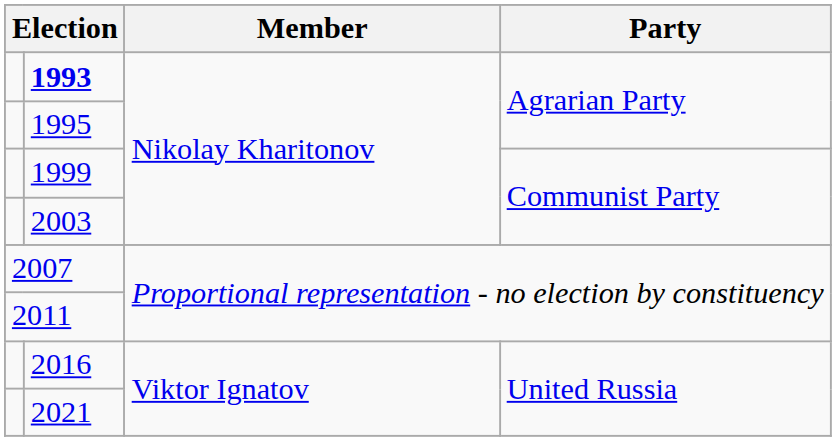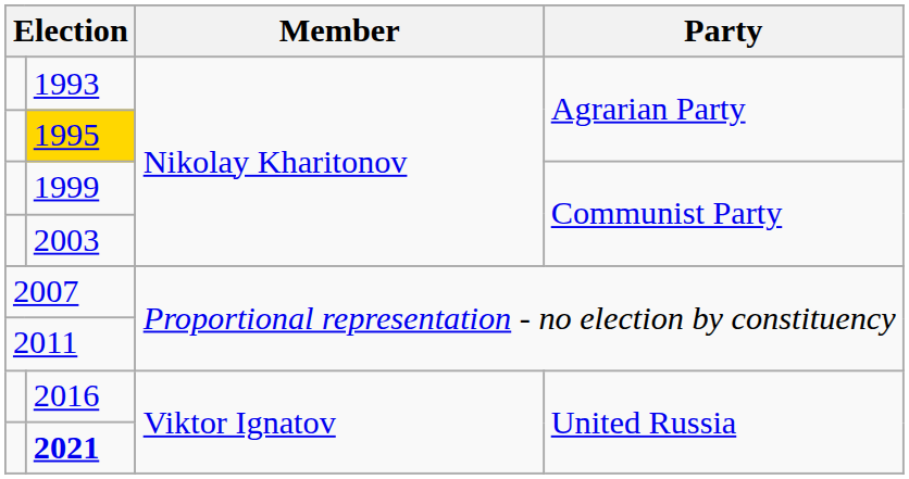 <table class="wikitable">
 <tr>
 <th colspan="2">Election</th>
 <th>Member</th>
 <th>Party</th>
 </tr>
 <tr>
 <td style="background-color:"></td>
-<td><strong><a href='#'>1993</a></strong></td>
+<td><a href='#'>1993</a></td>
 <td rowspan=4><a href='#'>Nikolay Kharitonov</a></td>
 <td rowspan=2><a href='#'>Agrarian Party</a></td>
 </tr>
 <tr>
 <td style="background-color:"></td>
-<td><a href='#'>1995</a></td>
+<td style="background: gold;"><a href='#'>1995</a></td>
 </tr>
 <tr>
 <td style="background-color:"></td>
 <td><a href='#'>1999</a></td>
 <td rowspan=2><a href='#'>Communist Party</a></td>
 </tr>
 <tr>
 <td style="background-color:"></td>
 <td><a href='#'>2003</a></td>
 </tr>
 <tr>
 <td colspan=2><a href='#'>2007</a></td>
 <td colspan=2 rowspan=2><em><a href='#'>Proportional representation</a> - no election by constituency</em></td>
 </tr>
 <tr>
 <td colspan=2><a href='#'>2011</a></td>
 </tr>
 <tr>
 <td style="background-color: "></td>
 <td><a href='#'>2016</a></td>
 <td rowspan=2><a href='#'>Viktor Ignatov</a></td>
 <td rowspan=2><a href='#'>United Russia</a></td>
 </tr>
 <tr>
 <td style="background-color: "></td>
-<td><a href='#'>2021</a></td>
+<td><strong><a href='#'>2021</a></strong></td>
 </tr>
 </table>
